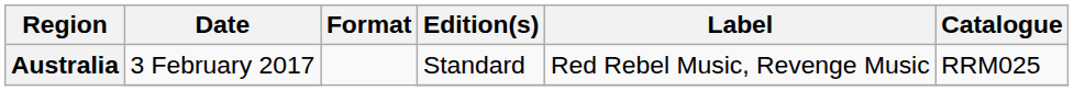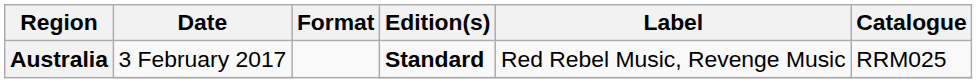 <table class="wikitable plainrowheaders">
 <tr>
 <th scope="col">Region</th>
 <th scope="col">Date</th>
 <th scope="col">Format</th>
 <th scope="col">Edition(s)</th>
 <th scope="col">Label</th>
 <th scope="col">Catalogue</th>
 </tr>
 <tr>
 <th scope="row" rowspan="2">Australia</th>
 <td>3 February 2017</td>
 <td rowspan="2"></td>
-<td>Standard</td>
+<td><strong>Standard</strong></td>
 <td>Red Rebel Music, Revenge Music</td>
 <td>RRM025</td>
 </tr>
 <tr>
 </tr>
 </table>
